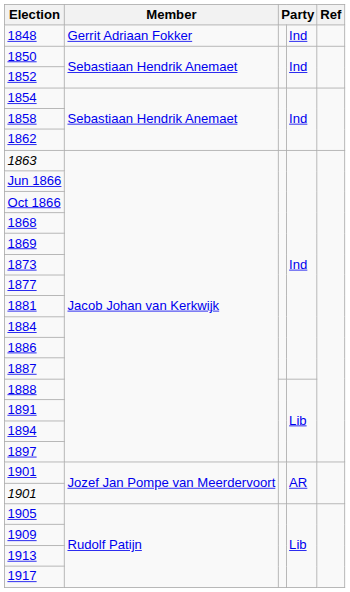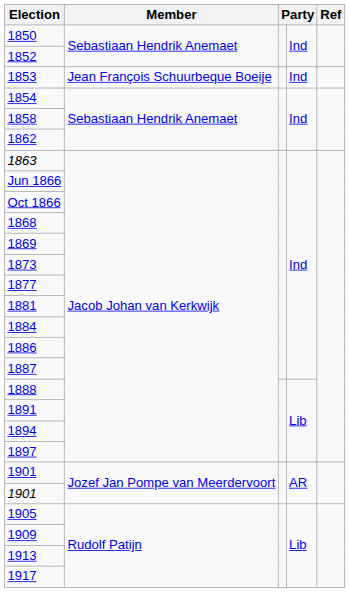 <table class="wikitable">
 <tr>
 <th scope="col">Election</th>
 <th scope="col">Member</th>
 <th scope="col" colspan="2">Party</th>
 <th scope="col">Ref</th>
-</tr>
-<tr>
-<td scope="row"><a href='#'>1848</a></td>
-<td scope="row"><a href='#'>Gerrit Adriaan Fokker</a></td>
-<td scope="row" style="background-color:"></td>
-<td scope="row"><a href='#'>Ind</a></td>
-<td scope="row"></td>
 </tr>
 <tr>
 <td scope="row"><a href='#'>1850</a></td>
 <td scope="row" rowspan=2><a href='#'>Sebastiaan Hendrik Anemaet</a></td>
 <td scope="row" rowspan=2 style="background-color:"></td>
 <td scope="row" rowspan=2><a href='#'>Ind</a></td>
 <td scope="row" rowspan=2></td>
 </tr>
 <tr>
 <td scope="row"><a href='#'>1852</a></td>
+</tr>
+<tr>
+<td scope="row"><a href='#'>1853</a></td>
+<td scope="row"><a href='#'>Jean François Schuurbeque Boeije</a></td>
+<td scope="row" style="background-color:"></td>
+<td scope="row"><a href='#'>Ind</a></td>
+<td scope="row"></td>
 </tr>
 <tr>
 <td scope="row"><a href='#'>1854</a></td>
 <td scope="row" rowspan=3><a href='#'>Sebastiaan Hendrik Anemaet</a></td>
 <td scope="row" rowspan=3 style="background-color:"></td>
 <td scope="row" rowspan=3><a href='#'>Ind</a></td>
 <td scope="row" rowspan=3></td>
 </tr>
 <tr>
 <td scope="row"><a href='#'>1858</a></td>
 </tr>
 <tr>
 <td scope="row"><a href='#'>1862</a></td>
 </tr>
 <tr>
 <td scope="row"><em>1863</em></td>
 <td scope="row" rowspan=15><a href='#'>Jacob Johan van Kerkwijk</a></td>
 <td scope="row" rowspan=11 style="background-color:"></td>
 <td scope="row" rowspan=11><a href='#'>Ind</a></td>
 <td scope="row" rowspan=15></td>
 </tr>
 <tr>
 <td scope="row"><a href='#'>Jun 1866</a></td>
 </tr>
 <tr>
 <td scope="row"><a href='#'>Oct 1866</a></td>
 </tr>
 <tr>
 <td scope="row"><a href='#'>1868</a></td>
 </tr>
 <tr>
 <td scope="row"><a href='#'>1869</a></td>
 </tr>
 <tr>
 <td scope="row"><a href='#'>1873</a></td>
 </tr>
 <tr>
 <td scope="row"><a href='#'>1877</a></td>
 </tr>
 <tr>
 <td scope="row"><a href='#'>1881</a></td>
 </tr>
 <tr>
 <td scope="row"><a href='#'>1884</a></td>
 </tr>
 <tr>
 <td scope="row"><a href='#'>1886</a></td>
 </tr>
 <tr>
 <td scope="row"><a href='#'>1887</a></td>
 </tr>
 <tr>
 <td scope="row"><a href='#'>1888</a></td>
 <td scope="row" rowspan=4 style="background-color:"></td>
 <td scope="row" rowspan=4><a href='#'>Lib</a></td>
 </tr>
 <tr>
 <td scope="row"><a href='#'>1891</a></td>
 </tr>
 <tr>
 <td scope="row"><a href='#'>1894</a></td>
 </tr>
 <tr>
 <td scope="row"><a href='#'>1897</a></td>
 </tr>
 <tr>
 <td scope="row"><a href='#'>1901</a></td>
 <td scope="row" rowspan=2><a href='#'>Jozef Jan Pompe van Meerdervoort</a></td>
 <td scope="row" rowspan=2 style="background-color:"></td>
 <td scope="row" rowspan=2><a href='#'>AR</a></td>
 <td scope="row" rowspan=2></td>
 </tr>
 <tr>
 <td scope="row"><em>1901</em></td>
 </tr>
 <tr>
 <td scope="row"><a href='#'>1905</a></td>
 <td scope="row" rowspan=4><a href='#'>Rudolf Patijn</a></td>
 <td scope="row" rowspan=4 style="background-color:"></td>
 <td scope="row" rowspan=4><a href='#'>Lib</a></td>
 <td scope="row" rowspan=4></td>
 </tr>
 <tr>
 <td scope="row"><a href='#'>1909</a></td>
 </tr>
 <tr>
 <td scope="row"><a href='#'>1913</a></td>
 </tr>
 <tr>
 <td scope="row"><a href='#'>1917</a></td>
 </tr>
 </table>
